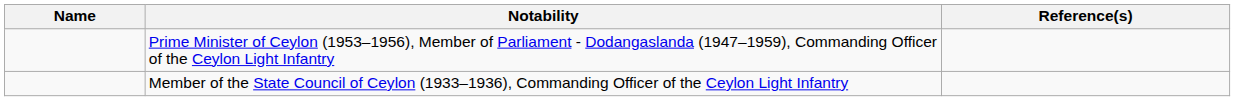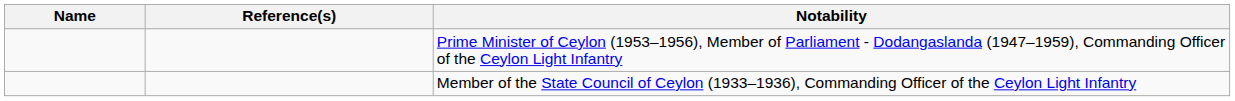 <table class="wikitable sortable" style="width:100%">
 <tr>
 <th style="width:*;">Name</th>
+<th style="width:*;" class="unsortable">Reference(s)</th>
 <th style="width:65%;" class="unsortable">Notability</th>
-<th style="width:*;" class="unsortable">Reference(s)</th>
 </tr>
 <tr>
 <td></td>
+<td style="text-align:center;"></td>
 <td><a href='#'>Prime Minister of Ceylon</a> (1953–1956), Member of <a href='#'>Parliament</a> - <a href='#'>Dodangaslanda</a> (1947–1959), Commanding Officer of the <a href='#'>Ceylon Light Infantry</a></td>
-<td style="text-align:center;"></td>
 </tr>
 <tr>
 <td></td>
+<td style="text-align:center;"></td>
 <td>Member of the <a href='#'>State Council of Ceylon</a> (1933–1936), Commanding Officer of the <a href='#'>Ceylon Light Infantry</a></td>
-<td style="text-align:center;"></td>
 </tr>
 </table>
